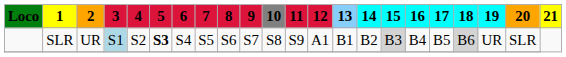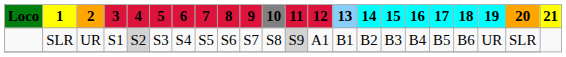 <table class="wikitable plainrowheaders unsortable" style="text-align:center">
 <tr>
 <th rowspan="1" scope="col" style="background:#007F0E;">Loco</th>
 <th rowspan="1" scope="col" style="background:yellow;">1</th>
 <th rowspan="1" scope="col" style="background:orange;">2</th>
 <th rowspan="1" scope="col" style="background:crimson;">3</th>
 <th rowspan="1" scope="col" style="background:crimson;">4</th>
 <th rowspan="1" scope="col" style="background:crimson;">5</th>
 <th rowspan="1" scope="col" style="background:crimson;">6</th>
 <th rowspan="1" scope="col" style="background:crimson;">7</th>
 <th rowspan="1" scope="col" style="background:crimson;">8</th>
 <th rowspan="1" scope="col" style="background:crimson;">9</th>
 <th rowspan="1" scope="col" style="background:grey;">10</th>
 <th rowspan="1" scope="col" style="background:crimson;">11</th>
 <th rowspan="1" scope="col" style="background:crimson;">12</th>
 <th rowspan="1" scope="col" style="background:lightskyblue;">13</th>
 <th rowspan="1" scope="col" style="background:#00FFFF;">14</th>
 <th rowspan="1" scope="col" style="background:#00FFFF;">15</th>
 <th rowspan="1" scope="col" style="background:#00FFFF;">16</th>
 <th rowspan="1" scope="col" style="background:#00FFFF;">17</th>
 <th rowspan="1" scope="col" style="background:#00FFFF;">18</th>
 <th rowspan="1" scope="col" style="background:#00FFFF;">19</th>
 <th rowspan="1" scope="col" style="background:orange;">20</th>
 <th rowspan="1" scope="col" style="background:yellow;">21</th>
 </tr>
 <tr>
 <td></td>
 <td>SLR</td>
 <td>UR</td>
-<td style="background: lightblue;">S1</td>
-<td>S2</td>
-<td><strong>S3</strong></td>
+<td>S1</td>
+<td style="background: lightgrey;">S2</td>
+<td>S3</td>
 <td>S4</td>
 <td>S5</td>
 <td>S6</td>
 <td>S7</td>
 <td>S8</td>
-<td>S9</td>
+<td style="background: lightgrey;">S9</td>
 <td>A1</td>
 <td>B1</td>
 <td>B2</td>
-<td style="background: lightgrey;">B3</td>
+<td>B3</td>
 <td>B4</td>
 <td>B5</td>
-<td style="background: lightgrey;">B6</td>
+<td>B6</td>
 <td>UR</td>
 <td>SLR</td>
 </tr>
 <tr>
 </tr>
 </table>
